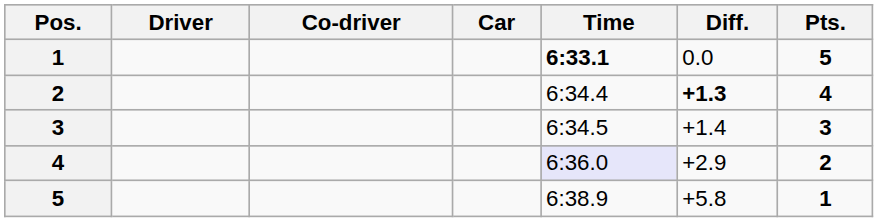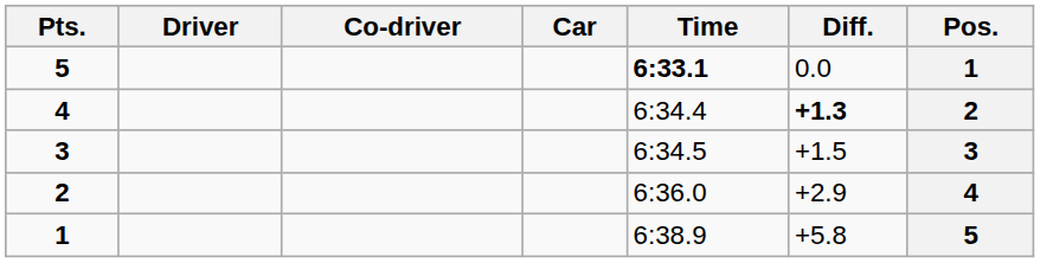 <table class="wikitable" width=60% style="font-size: 85%;">
 <tr>
-<th>Pos.</th>
+<th>Pts.</th>
 <th>Driver</th>
 <th>Co-driver</th>
 <th>Car</th>
 <th>Time</th>
 <th>Diff.</th>
-<th>Pts.</th>
+<th>Pos.</th>
 </tr>
 <tr>
-<th>1</th>
+<td align="center"><strong>5</strong></td>
 <td></td>
 <td></td>
 <td></td>
 <td><strong>6:33.1</strong></td>
 <td>0.0</td>
-<td align="center"><strong>5</strong></td>
+<th>1</th>
 </tr>
 <tr>
-<th>2</th>
+<td align="center"><strong>4</strong></td>
 <td></td>
 <td></td>
 <td></td>
 <td>6:34.4</td>
 <td><strong>+1.3</strong></td>
-<td align="center"><strong>4</strong></td>
+<th>2</th>
 </tr>
 <tr>
-<th>3</th>
+<td align="center"><strong>3</strong></td>
 <td></td>
 <td></td>
 <td></td>
 <td>6:34.5</td>
-<td>+1.4</td>
-<td align="center"><strong>3</strong></td>
+<td>+1.5</td>
+<th>3</th>
 </tr>
 <tr>
-<th>4</th>
+<td align="center"><strong>2</strong></td>
 <td></td>
 <td></td>
 <td></td>
-<td style="background: lavender;">6:36.0</td>
+<td>6:36.0</td>
 <td>+2.9</td>
-<td align="center"><strong>2</strong></td>
+<th>4</th>
 </tr>
 <tr>
-<th>5</th>
+<td align="center"><strong>1</strong></td>
 <td></td>
 <td></td>
 <td></td>
 <td>6:38.9</td>
 <td>+5.8</td>
-<td align="center"><strong>1</strong></td>
+<th>5</th>
 </tr>
 </table>
